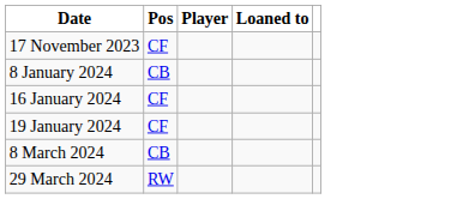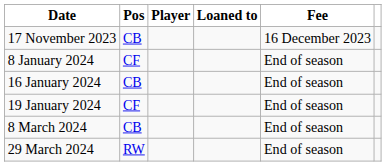 <table class="wikitable plainrowheaders sortable">
 <tr>
 <th style="background-color:white;">Date</th>
 <th style="background-color:white;">Pos</th>
 <th style="background-color:white;">Player</th>
 <th style="background-color:white;">Loaned to</th>
+<th style="background-color:white;">Fee</th>
 <th style="background-color:white;"></th>
 </tr>
 <tr>
 <td>17 November 2023</td>
-<td><a href='#'>CF</a></td>
+<td><a href='#'>CB</a></td>
 <td></td>
 <td></td>
+<td>16 December 2023</td>
 <td></td>
 </tr>
 <tr>
 <td>8 January 2024</td>
-<td><a href='#'>CB</a></td>
+<td><a href='#'>CF</a></td>
 <td></td>
 <td></td>
+<td>End of season</td>
 <td></td>
 </tr>
 <tr>
 <td>16 January 2024</td>
-<td><a href='#'>CF</a></td>
+<td><a href='#'>CB</a></td>
 <td></td>
 <td></td>
+<td>End of season</td>
 <td></td>
 </tr>
 <tr>
 <td>19 January 2024</td>
 <td><a href='#'>CF</a></td>
 <td></td>
 <td></td>
+<td>End of season</td>
 <td></td>
 </tr>
 <tr>
 <td>8 March 2024</td>
 <td><a href='#'>CB</a></td>
 <td></td>
 <td></td>
+<td>End of season</td>
 <td></td>
 </tr>
 <tr>
 <td>29 March 2024</td>
 <td><a href='#'>RW</a></td>
 <td></td>
 <td></td>
+<td>End of season</td>
 <td></td>
 </tr>
 </table>
